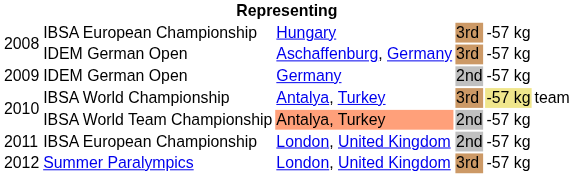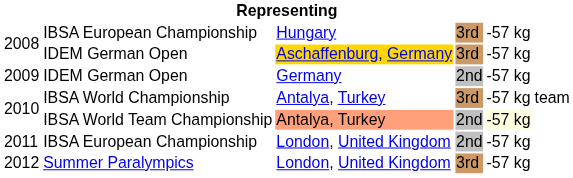 <table>
 <tr>
 <th colspan="6">Representing </th>
 </tr>
 <tr>
 <td rowspan=2>2008</td>
 <td>IBSA European Championship</td>
 <td><a href='#'>Hungary</a></td>
 <td bgcolor="#cc9966">3rd</td>
 <td>-57 kg</td>
 <td></td>
 </tr>
 <tr>
 <td>IDEM German Open</td>
-<td><a href='#'>Aschaffenburg</a>, <a href='#'>Germany</a></td>
+<td style="background: gold;"><a href='#'>Aschaffenburg</a>, <a href='#'>Germany</a></td>
 <td bgcolor="#cc9966">3rd</td>
 <td>-57 kg</td>
 <td></td>
 </tr>
 <tr>
 <td>2009</td>
 <td>IDEM German Open</td>
 <td><a href='#'>Germany</a></td>
 <td bgcolor=silver>2nd</td>
 <td>-57 kg</td>
 <td></td>
 </tr>
 <tr>
 <td rowspan=2>2010</td>
 <td>IBSA World Championship</td>
 <td><a href='#'>Antalya</a>, <a href='#'>Turkey</a></td>
 <td bgcolor="#cc9966">3rd</td>
-<td style="background: khaki;">-57 kg</td>
+<td>-57 kg</td>
 <td>team</td>
 </tr>
 <tr>
 <td>IBSA World Team Championship</td>
 <td style="background: lightsalmon;">Antalya, Turkey</td>
 <td bgcolor=silver>2nd</td>
-<td>-57 kg</td>
+<td style="background: lightyellow;">-57 kg</td>
 <td></td>
 </tr>
 <tr>
 <td>2011</td>
 <td>IBSA European Championship</td>
 <td><a href='#'>London</a>, <a href='#'>United Kingdom</a></td>
 <td bgcolor=silver>2nd</td>
 <td>-57 kg</td>
 <td></td>
 </tr>
 <tr>
 <td>2012</td>
 <td><a href='#'>Summer Paralympics</a></td>
 <td><a href='#'>London</a>, <a href='#'>United Kingdom</a></td>
 <td bgcolor="#cc9966">3rd</td>
 <td>-57 kg</td>
 <td></td>
 </tr>
 </table>
